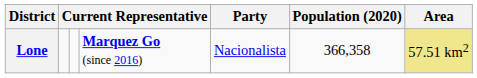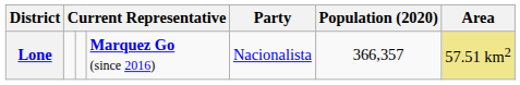 <table class="wikitable sortable" style="margin: 1em auto; font-size:100%; line-height:20px; text-align:center">
 <tr>
 <th>District</th>
 <th colspan="3">Current Representative</th>
 <th>Party</th>
 <th>Population (2020)</th>
 <th>Area</th>
 </tr>
 <tr>
 <th><a href='#'>Lone</a></th>
 <td style="background:"></td>
 <td></td>
 <td style="text-align:left;"><strong><a href='#'>Marquez Go</a></strong><br><small>(since <a href='#'>2016</a>)</small></td>
 <td><a href='#'>Nacionalista</a></td>
-<td>366,358</td>
+<td>366,357</td>
 <td style="background: khaki;">57.51 km<sup>2</sup></td>
 </tr>
 </table>
